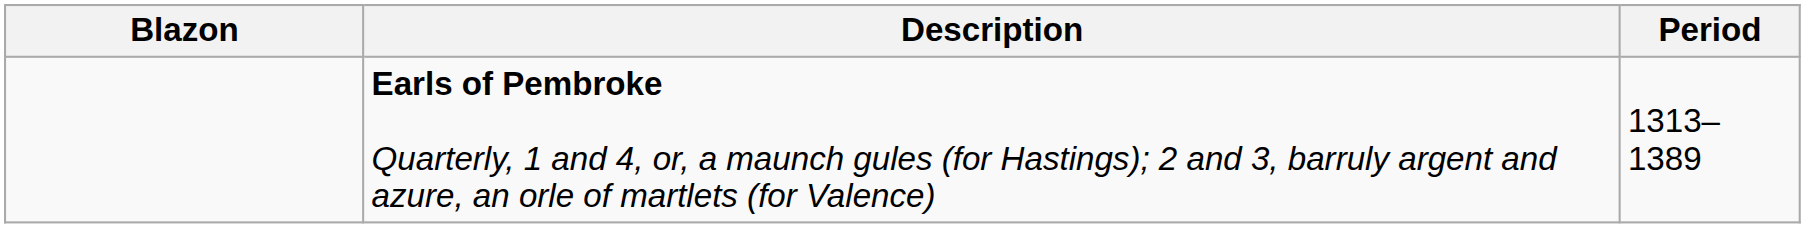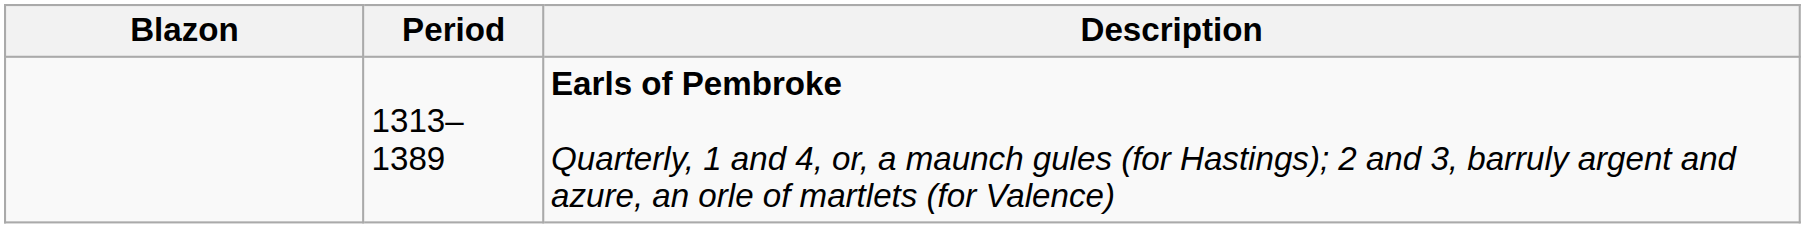 <table class="wikitable">
 <tr>
 <th style="width:20%;">Blazon</th>
+<th style="width:10%;">Period</th>
 <th style="width:70%;">Description</th>
-<th style="width:10%;">Period</th>
 </tr>
 <tr>
 <td></td>
+<td>1313–1389</td>
 <td><strong>Earls of Pembroke</strong><br><br><em>Quarterly, 1 and 4, or, a maunch gules (for Hastings); 2 and 3, barruly argent and azure, an orle of martlets (for Valence)</em></td>
-<td>1313–1389</td>
 </tr>
 </table>
